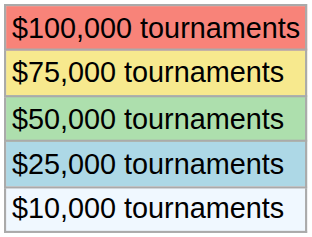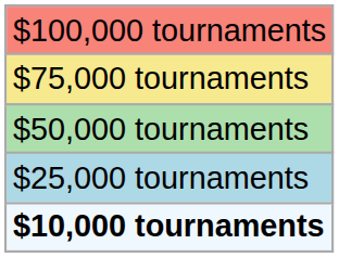 <table class="wikitable" style="font-size:85%">
 <tr bgcolor="#f88379">
 <td>$100,000 tournaments</td>
 </tr>
 <tr bgcolor="#f7e98e">
 <td>$75,000 tournaments</td>
 </tr>
 <tr bgcolor="#addfad">
 <td>$50,000 tournaments</td>
 </tr>
 <tr bgcolor="lightblue">
 <td>$25,000 tournaments</td>
 </tr>
 <tr bgcolor="#f0f8ff">
-<td>$10,000 tournaments</td>
+<td><strong>$10,000 tournaments</strong></td>
 </tr>
 </table>
